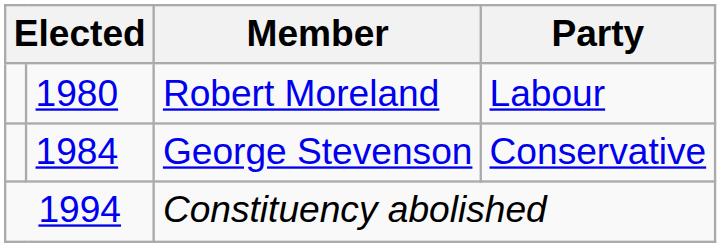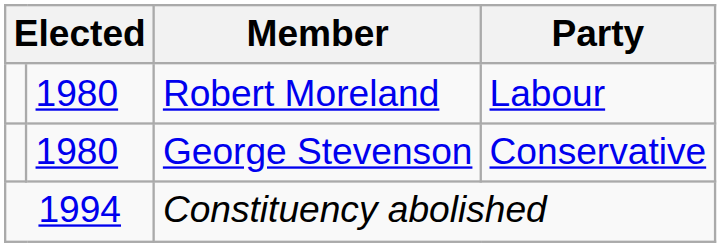 <table class="wikitable">
 <tr>
 <th colspan = "2">Elected</th>
 <th>Member</th>
 <th>Party</th>
 </tr>
 <tr>
 <td style="background-color: "></td>
 <td><a href='#'>1980</a></td>
 <td><a href='#'>Robert Moreland</a></td>
 <td><a href='#'>Labour</a></td>
 </tr>
 <tr>
 <td style="background-color: "></td>
-<td><a href='#'>1984</a></td>
+<td><a href='#'>1980</a></td>
 <td><a href='#'>George Stevenson</a></td>
 <td><a href='#'>Conservative</a></td>
 </tr>
 <tr>
 <td colspan="2" align="center"><a href='#'>1994</a></td>
 <td colspan="2"><em>Constituency abolished</em></td>
 </tr>
 </table>
